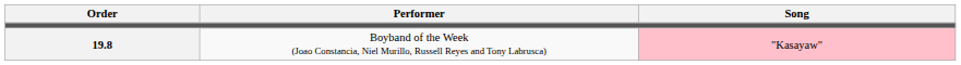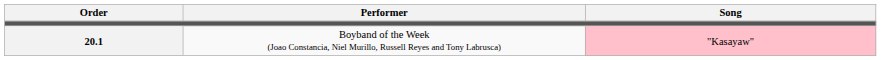 <table class="wikitable" style="text-align:center; line-height:17px; width:100%; font-size: 95%;">
 <tr>
 <th style="width:08%;">Order</th>
 <th style="width:18%;">Performer</th>
 <th style="width:13%;">Song</th>
 </tr>
 <tr>
 <td colspan="3" style="background:#555;"></td>
 </tr>
 <tr>
-<th>19.8</th>
+<th>20.1</th>
 <td>Boyband of the Week <br> <small>(Joao Constancia, Niel Murillo, Russell Reyes and Tony Labrusca)</small></td>
 <td style="background: pink;">"Kasayaw"</td>
 </tr>
 </table>
